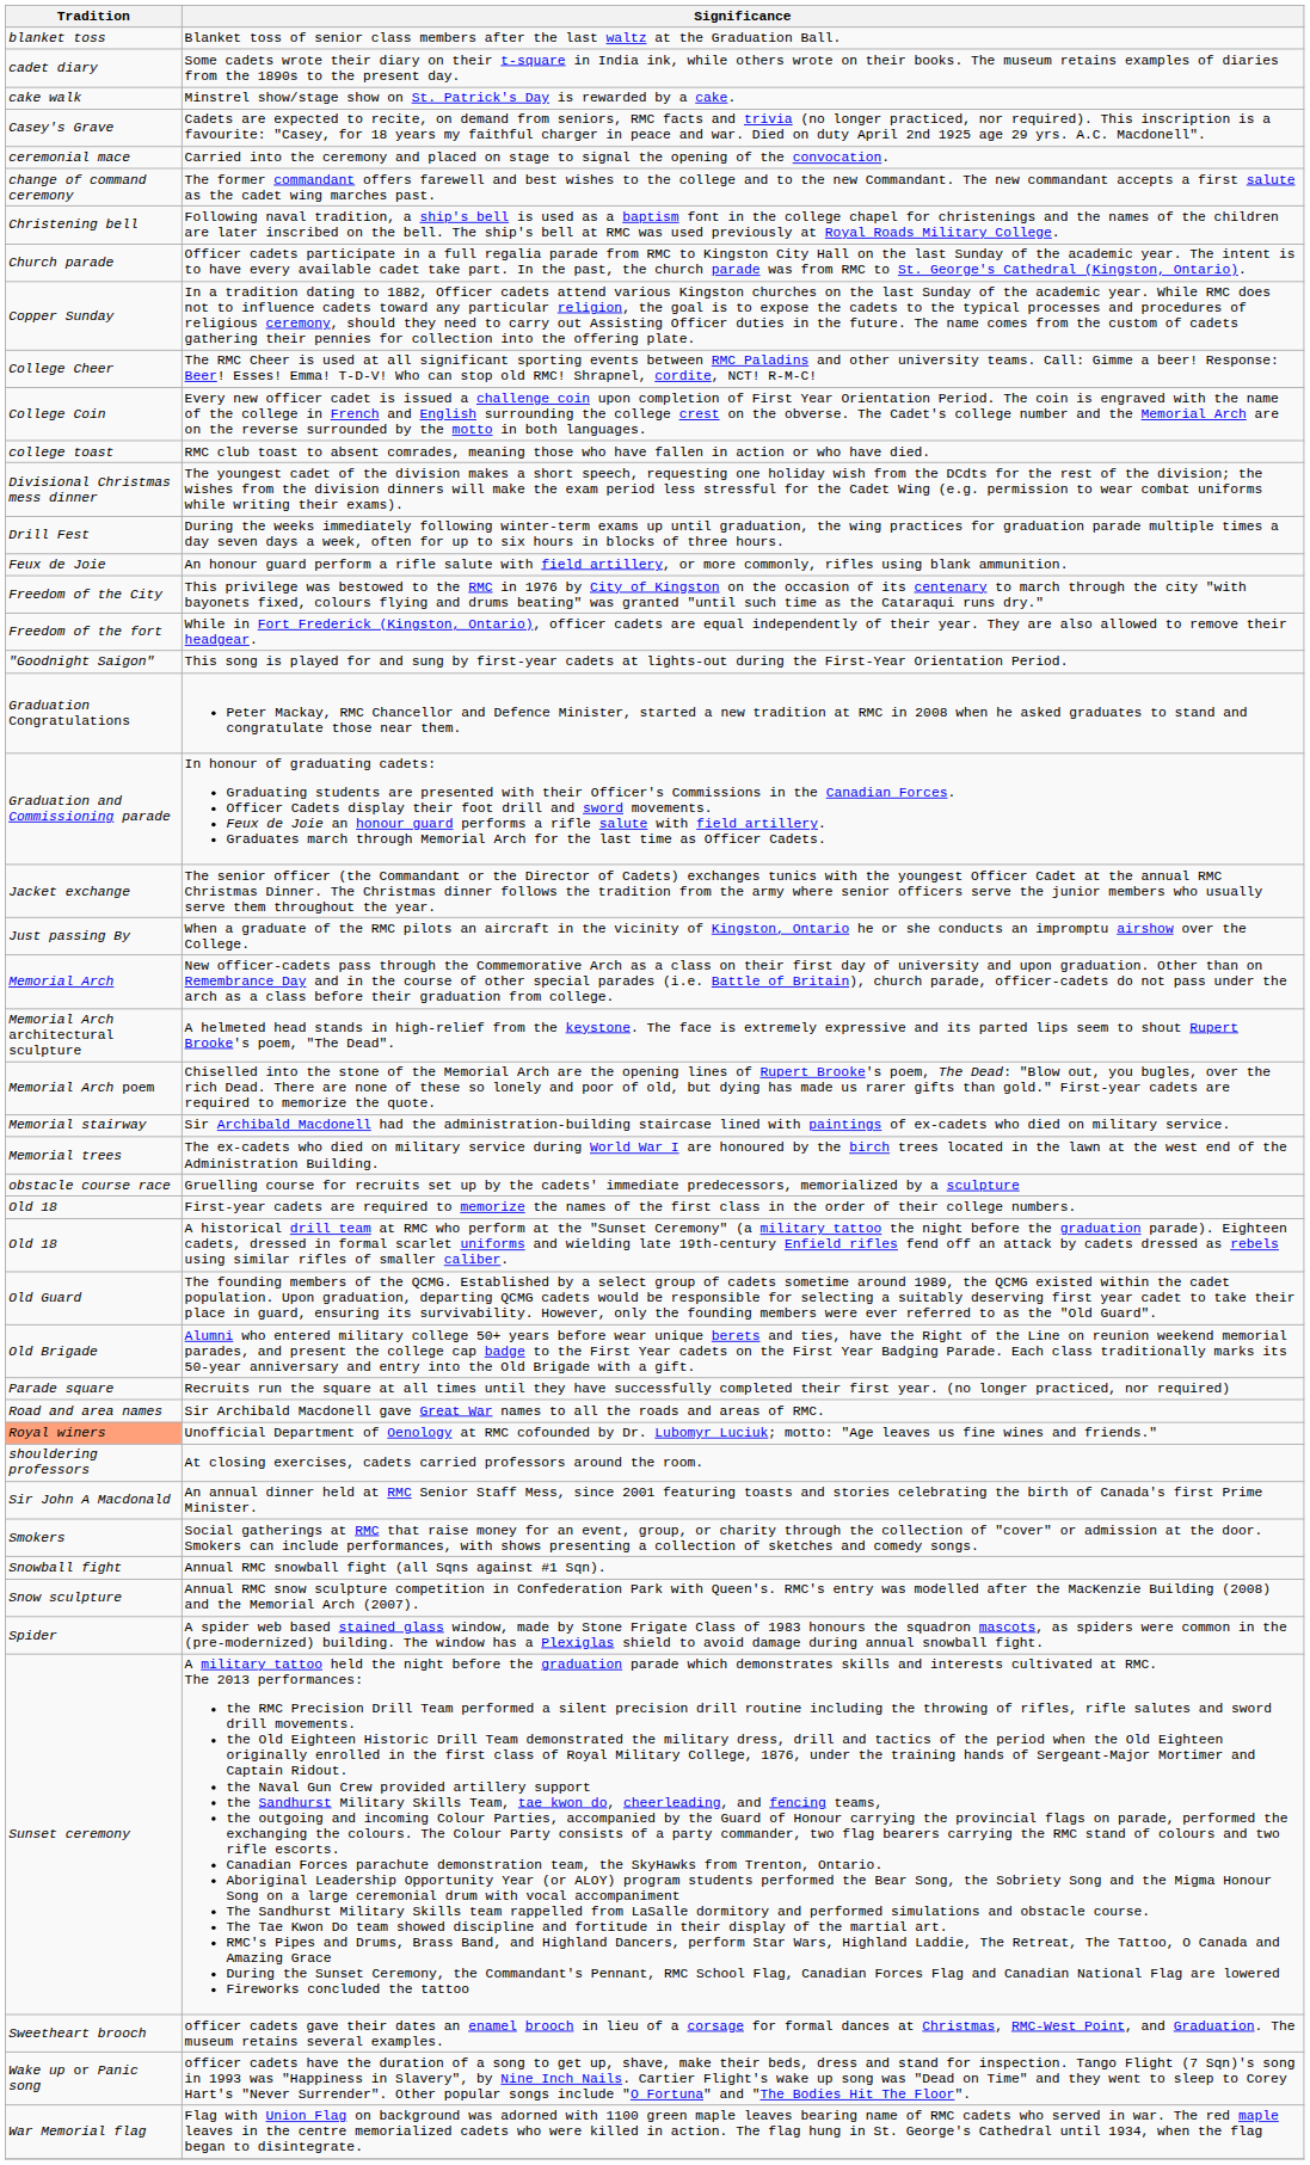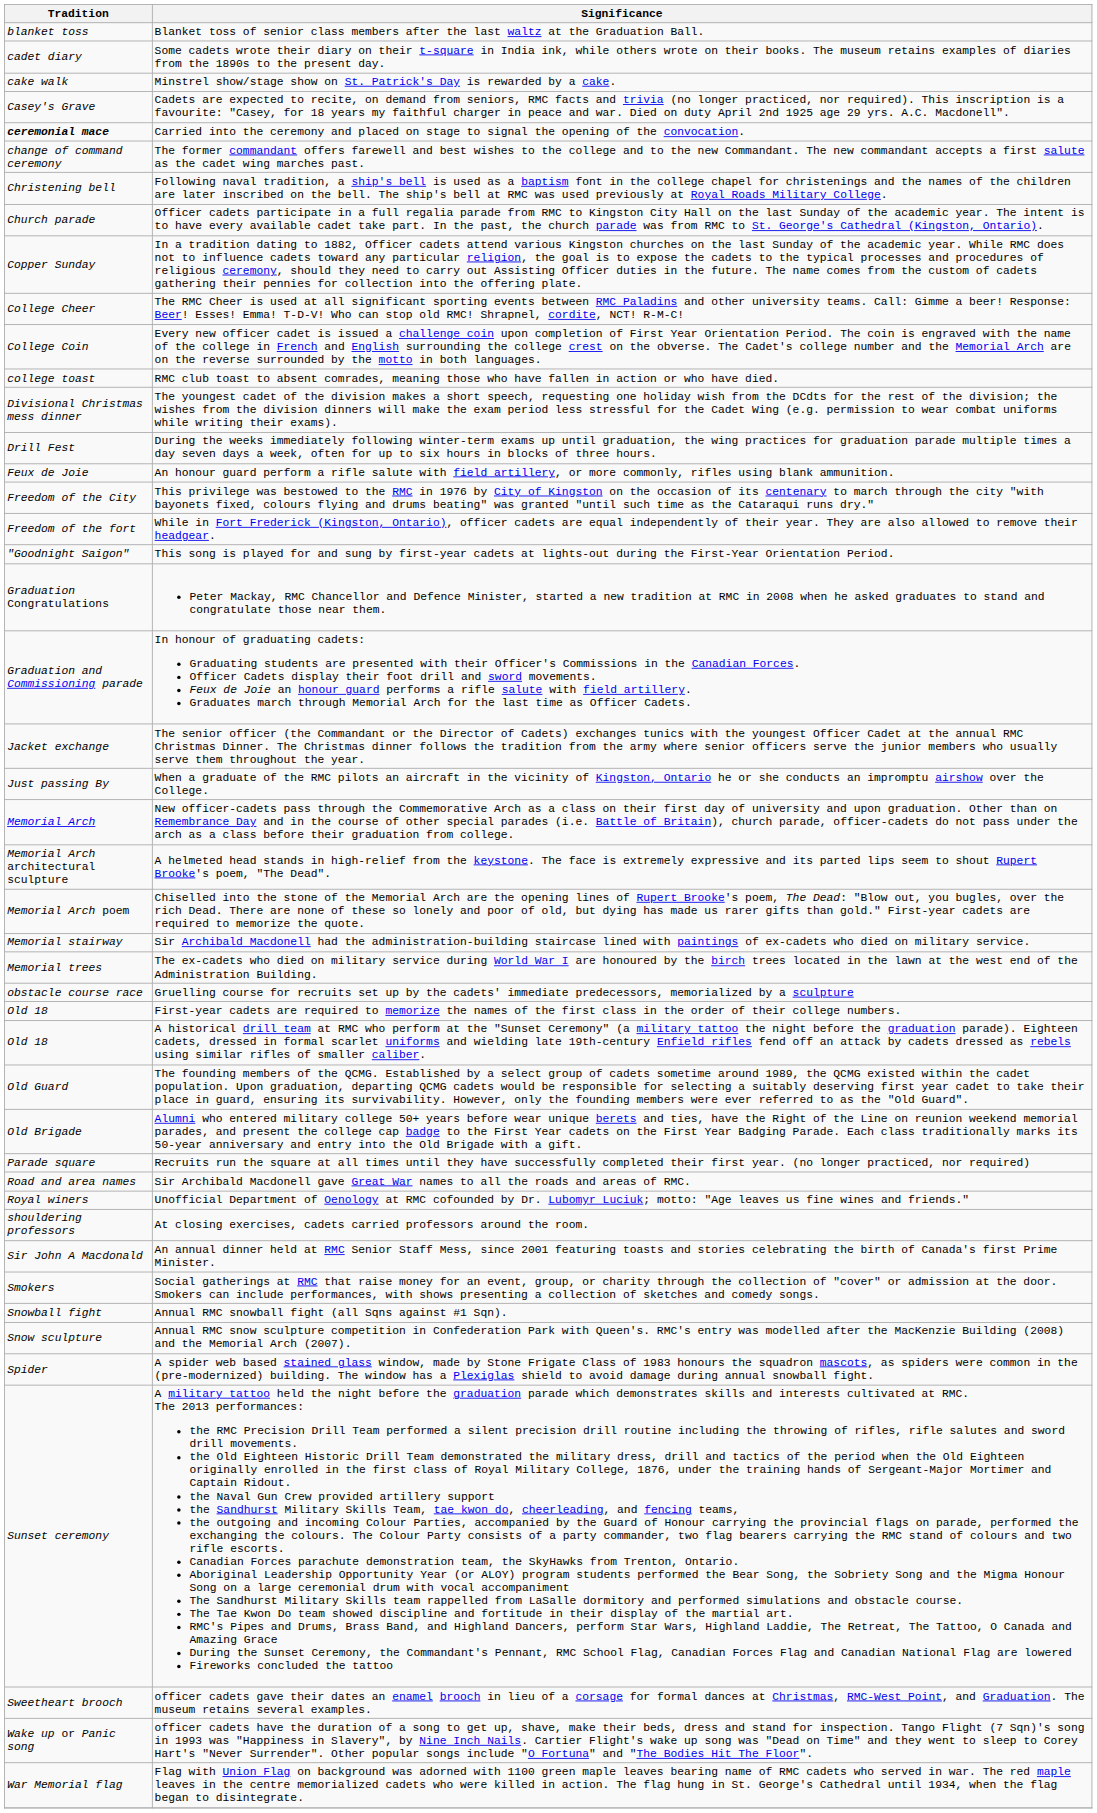 <table class="wikitable sortable sticky-header">
 <tr>
 <th>Tradition</th>
 <th>Significance</th>
 </tr>
 <tr>
 <td><em>blanket toss</em></td>
 <td>Blanket toss of senior class members after the last <a href='#'>waltz</a> at the Graduation Ball.</td>
 </tr>
 <tr>
 <td><em>cadet diary</em></td>
 <td>Some cadets wrote their diary on their <a href='#'>t-square</a> in India ink, while others wrote on their books. The museum retains examples of diaries from the 1890s to the present day.</td>
 </tr>
 <tr>
 <td><em>cake walk</em></td>
 <td>Minstrel show/stage show on <a href='#'>St. Patrick's Day</a> is rewarded by a <a href='#'>cake</a>.</td>
 </tr>
 <tr>
 <td><em>Casey's Grave</em></td>
 <td>Cadets are expected to recite, on demand from seniors, RMC facts and <a href='#'>trivia</a> (no longer practiced, nor required). This inscription is a favourite: "Casey, for 18 years my faithful charger in peace and war. Died on duty April 2nd 1925 age 29 yrs. A.C. Macdonell".</td>
 </tr>
 <tr>
-<td><em>ceremonial mace</em></td>
+<td><strong><em>ceremonial mace</em></strong></td>
 <td>Carried into the ceremony and placed on stage to signal the opening of the <a href='#'>convocation</a>.</td>
 </tr>
 <tr>
 <td><em>change of command ceremony</em></td>
 <td>The former <a href='#'>commandant</a> offers farewell and best wishes to the college and to the new Commandant. The new commandant accepts a first <a href='#'>salute</a> as the cadet wing marches past.</td>
 </tr>
 <tr>
 <td><em>Christening bell</em></td>
 <td>Following naval tradition, a <a href='#'>ship's bell</a> is used as a <a href='#'>baptism</a> font in the college chapel for christenings and the names of the children are later inscribed on the bell. The ship's bell at RMC was used previously at <a href='#'>Royal Roads Military College</a>.</td>
 </tr>
 <tr>
 <td><em>Church parade</em></td>
 <td>Officer cadets participate in a full regalia parade from RMC to Kingston City Hall on the last Sunday of the academic year. The intent is to have every available cadet take part. In the past, the church <a href='#'>parade</a> was from RMC to <a href='#'>St. George's Cathedral (Kingston, Ontario)</a>.</td>
 </tr>
 <tr>
 <td><em>Copper Sunday</em></td>
 <td>In a tradition dating to 1882, Officer cadets attend various Kingston churches on the last Sunday of the academic year. While RMC does not to influence cadets toward any particular <a href='#'>religion</a>, the goal is to expose the cadets to the typical processes and procedures of religious <a href='#'>ceremony</a>, should they need to carry out Assisting Officer duties in the future. The name comes from the custom of cadets gathering their pennies for collection into the offering plate.</td>
 </tr>
 <tr>
 <td><em>College Cheer</em></td>
 <td>The RMC Cheer is used at all significant sporting events between <a href='#'>RMC Paladins</a> and other university teams. Call: Gimme a beer! Response: <a href='#'>Beer</a>! Esses! Emma! T-D-V! Who can stop old RMC! Shrapnel, <a href='#'>cordite</a>, NCT! R-M-C!</td>
 </tr>
 <tr>
 <td><em>College Coin</em></td>
 <td>Every new officer cadet is issued a <a href='#'>challenge coin</a> upon completion of First Year Orientation Period. The coin is engraved with the name of the college in <a href='#'>French</a> and <a href='#'>English</a> surrounding the college <a href='#'>crest</a> on the obverse. The Cadet's college number and the <a href='#'>Memorial Arch</a> are on the reverse surrounded by the <a href='#'>motto</a> in both languages.</td>
 </tr>
 <tr>
 <td><em>college toast</em></td>
 <td>RMC club toast to absent comrades, meaning those who have fallen in action or who have died.</td>
 </tr>
 <tr>
 <td><em>Divisional Christmas mess dinner</em></td>
 <td>The youngest cadet of the division makes a short speech, requesting one holiday wish from the DCdts for the rest of the division; the wishes from the division dinners will make the exam period less stressful for the Cadet Wing (e.g.  permission to wear combat uniforms while writing their exams).</td>
 </tr>
 <tr>
 <td><em>Drill Fest</em></td>
 <td>During the weeks immediately following winter-term exams up until graduation, the wing practices for graduation parade multiple times a day seven days a week, often for up to six hours in blocks of three hours.</td>
 </tr>
 <tr>
 <td><em>Feux de Joie</em></td>
 <td>An honour guard perform a rifle salute with <a href='#'>field artillery</a>, or more commonly, rifles using blank ammunition.</td>
 </tr>
 <tr>
 <td><em>Freedom of the City</em></td>
 <td>This privilege was bestowed to the <a href='#'>RMC</a> in 1976 by <a href='#'>City of Kingston</a> on the occasion of its <a href='#'>centenary</a> to march through the city "with bayonets fixed, colours flying and drums beating" was granted "until such time as the Cataraqui runs dry."</td>
 </tr>
 <tr>
 <td><em>Freedom of the fort</em></td>
 <td>While in <a href='#'>Fort Frederick (Kingston, Ontario)</a>, officer cadets are equal independently of their year. They are also allowed to remove their <a href='#'>headgear</a>.</td>
 </tr>
 <tr>
 <td><em>"Goodnight Saigon"</em></td>
 <td>This song is played for and sung by first-year cadets at lights-out during the First-Year Orientation Period.</td>
 </tr>
 <tr>
 <td><em>Graduation</em> Congratulations</td>
 <td><br><ul><li>Peter Mackay, RMC Chancellor and Defence Minister, started a new tradition at RMC in 2008 when he asked graduates to stand and congratulate those near them.</li></ul></td>
 </tr>
 <tr>
 <td><em>Graduation and <a href='#'>Commissioning</a> parade</em></td>
 <td>In honour of graduating cadets:<br><ul><li>Graduating students are presented with their Officer's Commissions in the <a href='#'>Canadian Forces</a>.</li><li>Officer Cadets display their foot drill and <a href='#'>sword</a> movements.</li><li><em>Feux de Joie</em> an <a href='#'>honour guard</a> performs a rifle <a href='#'>salute</a> with <a href='#'>field artillery</a>.</li><li>Graduates march through Memorial Arch for the last time as Officer Cadets.</li></ul></td>
 </tr>
 <tr>
 <td><em>Jacket exchange</em></td>
 <td>The senior officer (the Commandant or the Director of Cadets) exchanges tunics with the youngest Officer Cadet at the annual RMC Christmas Dinner. The Christmas dinner follows the tradition from the army where senior officers serve the junior members who usually serve them throughout the year.</td>
 </tr>
 <tr>
 <td><em>Just passing By</em></td>
 <td>When a graduate of the RMC pilots an aircraft in the vicinity of <a href='#'>Kingston, Ontario</a> he or she conducts an impromptu <a href='#'>airshow</a> over the College.</td>
 </tr>
 <tr>
 <td><em><a href='#'>Memorial Arch</a></em></td>
 <td>New officer-cadets pass through the Commemorative Arch as a class on their first day of university and upon graduation. Other than on <a href='#'>Remembrance Day</a> and in the course of other special parades (i.e. <a href='#'>Battle of Britain</a>), church parade, officer-cadets do not pass under the arch as a class before their graduation from college.</td>
 </tr>
 <tr>
 <td><em>Memorial Arch</em> architectural sculpture</td>
 <td>A helmeted head stands in high-relief from the <a href='#'>keystone</a>. The face is extremely expressive and its parted lips seem to shout <a href='#'>Rupert Brooke</a>'s poem, "The Dead".</td>
 </tr>
 <tr>
 <td><em>Memorial Arch</em> poem</td>
 <td>Chiselled into the stone of the Memorial Arch are the opening lines of <a href='#'>Rupert Brooke</a>'s poem, <em>The Dead</em>: "Blow out, you bugles, over the rich Dead. There are none of these so lonely and poor of old, but dying has made us rarer gifts than gold." First-year cadets are required to memorize the quote.</td>
 </tr>
 <tr>
 <td><em>Memorial stairway</em></td>
 <td>Sir <a href='#'>Archibald Macdonell</a> had the administration-building staircase lined with <a href='#'>paintings</a> of ex-cadets who died on military service.</td>
 </tr>
 <tr>
 <td><em>Memorial trees</em></td>
 <td>The ex-cadets who died on military service during <a href='#'>World War I</a> are honoured by the <a href='#'>birch</a> trees located in the lawn at the west end of the Administration Building.</td>
 </tr>
 <tr>
 <td><em>obstacle course race</em></td>
 <td>Gruelling course for recruits set up by the cadets' immediate predecessors, memorialized by a <a href='#'>sculpture</a></td>
 </tr>
 <tr>
 <td><em>Old 18</em></td>
 <td>First-year cadets are required to <a href='#'>memorize</a> the names of the first class in the order of their college numbers.</td>
 </tr>
 <tr>
 <td><em>Old 18</em></td>
 <td>A historical <a href='#'>drill team</a> at RMC who perform at the "Sunset Ceremony" (a <a href='#'>military tattoo</a> the night before the <a href='#'>graduation</a> parade). Eighteen cadets, dressed in formal scarlet <a href='#'>uniforms</a> and wielding late 19th-century <a href='#'>Enfield rifles</a> fend off an attack by cadets dressed as <a href='#'>rebels</a> using similar rifles of smaller <a href='#'>caliber</a>.</td>
 </tr>
 <tr>
 <td><em>Old Guard</em></td>
 <td>The founding members of the QCMG. Established by a select group of cadets sometime around 1989, the QCMG existed within the cadet population. Upon graduation, departing QCMG cadets would be responsible for selecting a suitably deserving first year cadet to take their place in guard, ensuring its survivability. However, only the founding members were ever referred to as the "Old Guard".</td>
 </tr>
 <tr>
 <td><em>Old Brigade</em></td>
 <td><a href='#'>Alumni</a> who entered military college 50+ years before wear unique <a href='#'>berets</a> and ties, have the Right of the Line on reunion weekend memorial parades, and present the college cap <a href='#'>badge</a> to the First Year cadets on the First Year Badging Parade. Each class traditionally marks its 50-year anniversary and entry into the Old Brigade with a gift.</td>
 </tr>
 <tr>
 <td><em>Parade square</em></td>
 <td>Recruits run the square at all times until they have successfully completed their first year. (no longer practiced, nor required)</td>
 </tr>
 <tr>
 <td><em>Road and area names</em></td>
 <td>Sir Archibald Macdonell gave <a href='#'>Great War</a> names to all the roads and areas of RMC.</td>
 </tr>
 <tr>
-<td style="background: lightsalmon;"><em>Royal winers</em></td>
+<td><em>Royal winers</em></td>
 <td>Unofficial Department of <a href='#'>Oenology</a> at RMC cofounded by Dr. <a href='#'>Lubomyr Luciuk</a>; motto: "Age leaves us fine wines and friends."</td>
 </tr>
 <tr>
 <td><em>shouldering professors</em></td>
 <td>At closing exercises, cadets carried professors around the room.</td>
 </tr>
 <tr>
 <td><em>Sir John A Macdonald</em></td>
 <td>An annual dinner held at <a href='#'>RMC</a> Senior Staff Mess, since 2001 featuring toasts and stories celebrating the birth of Canada's first Prime Minister.</td>
 </tr>
 <tr>
 <td><em>Smokers</em></td>
 <td>Social gatherings at <a href='#'>RMC</a> that raise money for an event, group, or charity through the collection of "cover" or admission at the door. Smokers can include performances, with shows presenting a collection of sketches and comedy songs.</td>
 </tr>
 <tr>
 <td><em>Snowball fight</em></td>
 <td>Annual RMC snowball fight (all Sqns against #1 Sqn).</td>
 </tr>
 <tr>
 <td><em>Snow sculpture</em></td>
 <td>Annual RMC snow sculpture competition in Confederation Park with Queen's. RMC's entry was modelled after the MacKenzie Building (2008) and the Memorial Arch (2007).</td>
 </tr>
 <tr>
 <td><em>Spider</em></td>
 <td>A spider web based <a href='#'>stained glass</a> window, made by Stone Frigate Class of 1983 honours the squadron <a href='#'>mascots</a>, as spiders were common in the (pre-modernized) building. The window has a <a href='#'>Plexiglas</a> shield to avoid damage during annual snowball fight.</td>
 </tr>
 <tr>
 <td><em>Sunset ceremony</em></td>
 <td>A <a href='#'>military tattoo</a> held the night before the <a href='#'>graduation</a> parade which demonstrates skills and interests cultivated at RMC.<br>The 2013 performances:<ul><li>the RMC Precision Drill Team performed a silent precision drill routine including the throwing of rifles, rifle salutes and sword drill movements.</li><li>the Old Eighteen Historic Drill Team demonstrated the military dress, drill and tactics of the period when the Old Eighteen originally enrolled in the first class of Royal Military College, 1876, under the training hands of Sergeant-Major Mortimer and Captain Ridout.</li><li>the Naval Gun Crew provided artillery support</li><li>the <a href='#'>Sandhurst</a> Military Skills Team, <a href='#'>tae kwon do</a>, <a href='#'>cheerleading</a>, and <a href='#'>fencing</a> teams,</li><li>the outgoing and incoming Colour Parties, accompanied by the Guard of Honour carrying the provincial flags on parade, performed the exchanging the colours. The Colour Party consists of a party commander, two flag bearers carrying the RMC stand of colours and two rifle escorts.</li><li>Canadian Forces parachute demonstration team, the SkyHawks from Trenton, Ontario.</li><li>Aboriginal Leadership Opportunity Year (or ALOY) program students performed the Bear Song, the Sobriety Song and the Migma Honour Song on a large ceremonial drum with vocal accompaniment</li><li>The Sandhurst Military Skills team rappelled from LaSalle dormitory and performed simulations and obstacle course.</li><li>The Tae Kwon Do team showed discipline and fortitude in their display of the martial art.</li><li>RMC's Pipes and Drums, Brass Band, and Highland Dancers, perform Star Wars, Highland Laddie, The Retreat, The Tattoo, O Canada and Amazing Grace</li><li>During the Sunset Ceremony, the Commandant's Pennant, RMC School Flag, Canadian Forces Flag and Canadian National Flag are lowered</li><li>Fireworks concluded the tattoo </li></ul></td>
 </tr>
 <tr>
 <td><em>Sweetheart brooch</em></td>
 <td>officer cadets gave their dates an <a href='#'>enamel</a> <a href='#'>brooch</a> in lieu of a <a href='#'>corsage</a> for formal dances at <a href='#'>Christmas</a>, <a href='#'>RMC-West Point</a>, and <a href='#'>Graduation</a>. The museum retains several examples.</td>
 </tr>
 <tr>
 <td><em>Wake up</em> or <em>Panic song</em></td>
 <td>officer cadets have the duration of a song to get up, shave, make their beds, dress and stand for inspection. Tango Flight (7 Sqn)'s song in 1993 was "Happiness in Slavery", by <a href='#'>Nine Inch Nails</a>. Cartier Flight's wake up song was "Dead on Time" and they went to sleep to Corey Hart's "Never Surrender". Other popular songs include "<a href='#'>O Fortuna</a>" and "<a href='#'>The Bodies Hit The Floor</a>".</td>
 </tr>
 <tr>
 <td><em>War Memorial flag</em></td>
 <td>Flag with <a href='#'>Union Flag</a> on background was adorned with 1100 green maple leaves bearing name of RMC cadets who served in war. The red <a href='#'>maple</a> leaves in the centre memorialized cadets who were killed in action. The flag hung in St. George's Cathedral until 1934, when the flag began to disintegrate.</td>
 </tr>
 <tr>
 </tr>
 </table>
